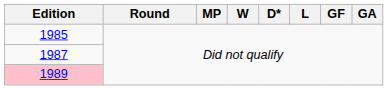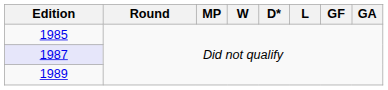 <table class="wikitable" style="text-align:center; width:30em;">
 <tr>
 <th>Edition</th>
 <th>Round</th>
 <th style="width:2em;">MP</th>
 <th style="width:2em;">W</th>
 <th style="width:2em;">D*</th>
 <th style="width:2em;">L</th>
 <th style="width:2em;">GF</th>
 <th style="width:2em;">GA</th>
 </tr>
 <tr>
 <td> <a href='#'>1985</a></td>
 <td colspan=7 rowspan=3><em>Did not qualify</em></td>
 </tr>
 <tr>
-<td> <a href='#'>1987</a></td>
+<td style="background: lavender;"> <a href='#'>1987</a></td>
 </tr>
 <tr>
-<td style="background: pink;"> <a href='#'>1989</a></td>
+<td> <a href='#'>1989</a></td>
 </tr>
 </table>
